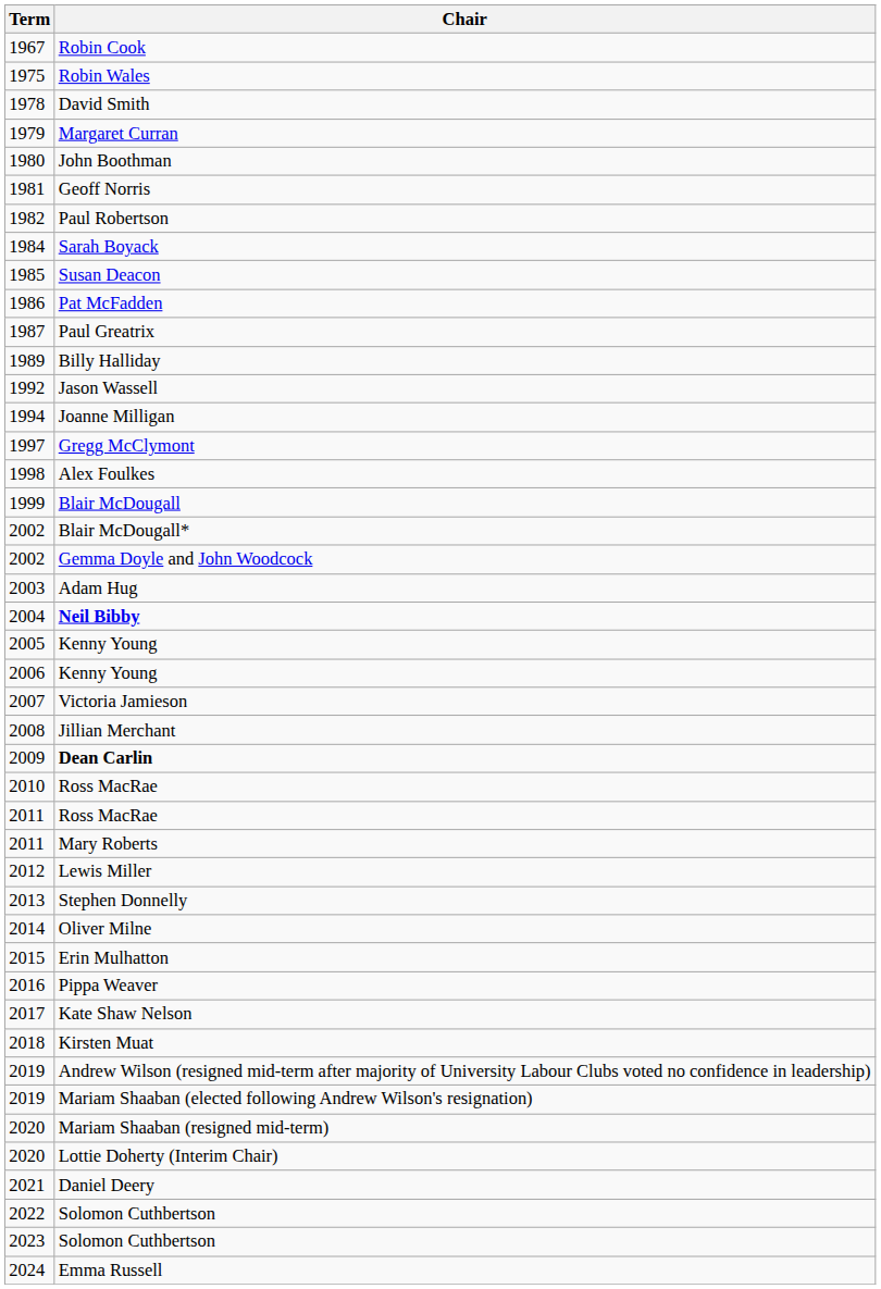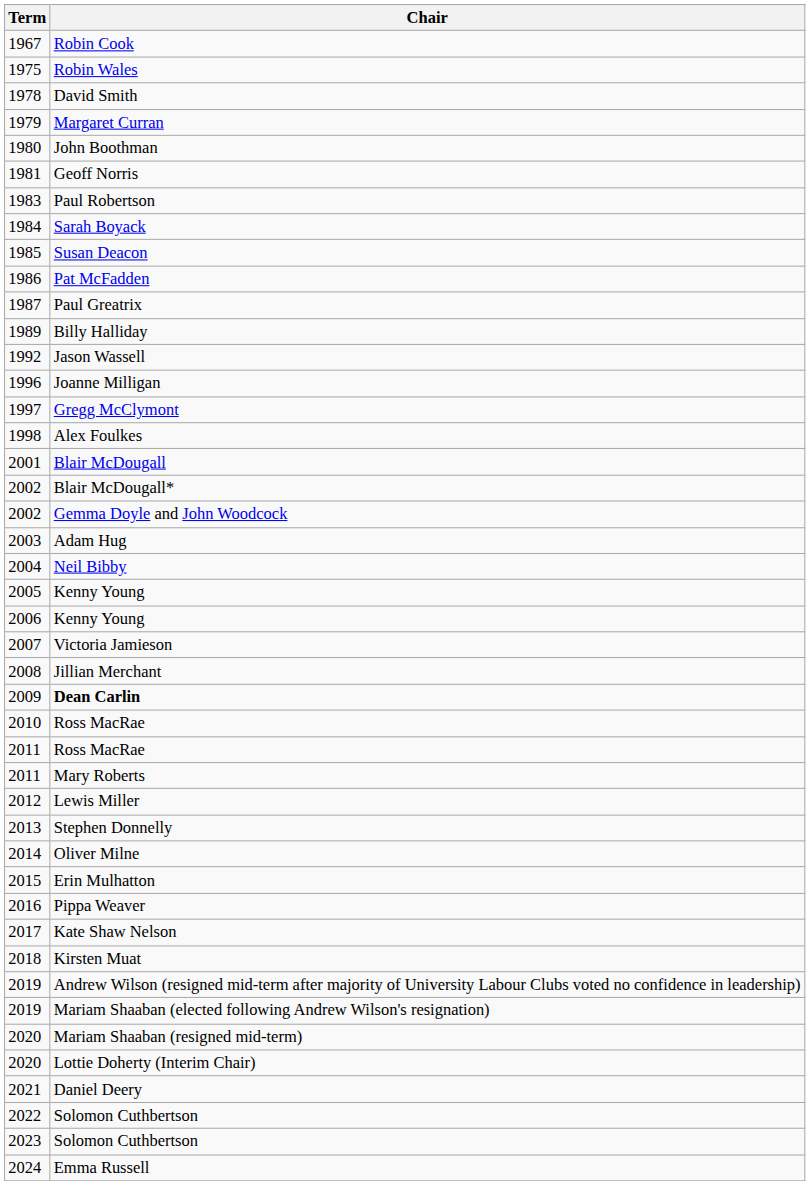 <table class="wikitable">
 <tr>
 <th>Term</th>
 <th>Chair</th>
 </tr>
 <tr>
 <td>1967</td>
 <td><a href='#'>Robin Cook</a></td>
 </tr>
 <tr>
 <td>1975</td>
 <td><a href='#'>Robin Wales</a></td>
 </tr>
 <tr>
 <td>1978</td>
 <td>David Smith</td>
 </tr>
 <tr>
 <td>1979</td>
 <td><a href='#'>Margaret Curran</a></td>
 </tr>
 <tr>
 <td>1980</td>
 <td>John Boothman</td>
 </tr>
 <tr>
 <td>1981</td>
 <td>Geoff Norris</td>
 </tr>
 <tr>
-<td>1982</td>
+<td>1983</td>
 <td>Paul Robertson</td>
 </tr>
 <tr>
 <td>1984</td>
 <td><a href='#'>Sarah Boyack</a></td>
 </tr>
 <tr>
 <td>1985</td>
 <td><a href='#'>Susan Deacon</a></td>
 </tr>
 <tr>
 <td>1986</td>
 <td><a href='#'>Pat McFadden</a></td>
 </tr>
 <tr>
 <td>1987</td>
 <td>Paul Greatrix</td>
 </tr>
 <tr>
 <td>1989</td>
 <td>Billy Halliday</td>
 </tr>
 <tr>
 <td>1992</td>
 <td>Jason Wassell</td>
 </tr>
 <tr>
-<td>1994</td>
+<td>1996</td>
 <td>Joanne Milligan</td>
 </tr>
 <tr>
 <td>1997</td>
 <td><a href='#'>Gregg McClymont</a></td>
 </tr>
 <tr>
 <td>1998</td>
 <td>Alex Foulkes</td>
 </tr>
 <tr>
-<td>1999</td>
+<td>2001</td>
 <td><a href='#'>Blair McDougall</a></td>
 </tr>
 <tr>
 <td>2002</td>
 <td>Blair McDougall*</td>
 </tr>
 <tr>
 <td>2002</td>
 <td><a href='#'>Gemma Doyle</a> and <a href='#'>John Woodcock</a></td>
 </tr>
 <tr>
 <td>2003</td>
 <td>Adam Hug</td>
 </tr>
 <tr>
 <td>2004</td>
-<td><strong><a href='#'>Neil Bibby</a></strong></td>
+<td><a href='#'>Neil Bibby</a></td>
 </tr>
 <tr>
 <td>2005</td>
 <td>Kenny Young</td>
 </tr>
 <tr>
 <td>2006</td>
 <td>Kenny Young</td>
 </tr>
 <tr>
 <td>2007</td>
 <td>Victoria Jamieson</td>
 </tr>
 <tr>
 <td>2008</td>
 <td>Jillian Merchant</td>
 </tr>
 <tr>
 <td>2009</td>
 <td><strong>Dean Carlin</strong></td>
 </tr>
 <tr>
 <td>2010</td>
 <td>Ross MacRae</td>
 </tr>
 <tr>
 <td>2011</td>
 <td>Ross MacRae</td>
 </tr>
 <tr>
 <td>2011</td>
 <td>Mary Roberts</td>
 </tr>
 <tr>
 <td>2012</td>
 <td>Lewis Miller</td>
 </tr>
 <tr>
 <td>2013</td>
 <td>Stephen Donnelly</td>
 </tr>
 <tr>
 <td>2014</td>
 <td>Oliver Milne</td>
 </tr>
 <tr>
 <td>2015</td>
 <td>Erin Mulhatton</td>
 </tr>
 <tr>
 <td>2016</td>
 <td>Pippa Weaver</td>
 </tr>
 <tr>
 <td>2017</td>
 <td>Kate Shaw Nelson</td>
 </tr>
 <tr>
 <td>2018</td>
 <td>Kirsten Muat</td>
 </tr>
 <tr>
 <td>2019</td>
 <td>Andrew Wilson (resigned mid-term after majority of University Labour Clubs voted no confidence in leadership)</td>
 </tr>
 <tr>
 <td>2019</td>
 <td>Mariam Shaaban (elected following Andrew Wilson's resignation)</td>
 </tr>
 <tr>
 <td>2020</td>
 <td>Mariam Shaaban (resigned mid-term)</td>
 </tr>
 <tr>
 <td>2020</td>
 <td>Lottie Doherty (Interim Chair)</td>
 </tr>
 <tr>
 <td>2021</td>
 <td>Daniel Deery</td>
 </tr>
 <tr>
 <td>2022</td>
 <td>Solomon Cuthbertson</td>
 </tr>
 <tr>
 <td>2023</td>
 <td>Solomon Cuthbertson</td>
 </tr>
 <tr>
 <td>2024</td>
 <td>Emma Russell</td>
 </tr>
 </table>
